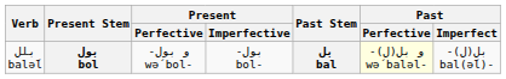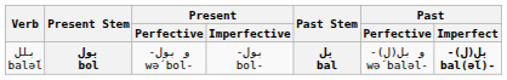 <table class="wikitable" style="text-align: center">
 <tr>
 <th rowspan="2">Verb</th>
 <th rowspan="2">Present Stem</th>
 <th colspan="2">Present</th>
 <th rowspan="2">Past Stem</th>
 <th colspan="2">Past</th>
 </tr>
 <tr>
 <th>Perfective</th>
 <th>Imperfective</th>
 <th>Perfective</th>
 <th>Imperfect</th>
 </tr>
 <tr>
 <td>بلل <br> balә́l</td>
 <th>بول<br>bol</th>
 <td>-و بول<br> wә́ bol-</td>
 <td>-بول<br> bol-</td>
 <th>بل<br>bal</th>
-<td style="background: lightyellow;">-(و بل(ل <br>wә́ baləl-</td>
-<td>-(بل(ل <br>bal(ә́l)-</td>
+<td>-(و بل(ل <br>wә́ baləl-</td>
+<td><strong>-(بل(ل <br>bal(ә́l)-</strong></td>
 </tr>
 </table>
